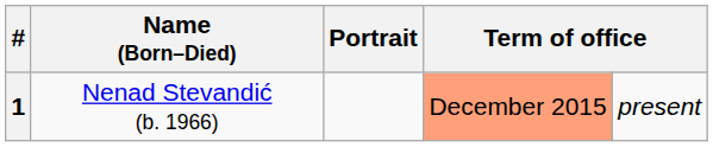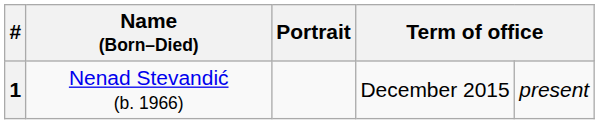 <table class="wikitable" style="text-align:center">
 <tr ->
 <th>#</th>
 <th width="180">Name<br><small>(Born–Died)</small></th>
 <th>Portrait</th>
 <th colspan="2">Term  of office</th>
 </tr>
 <tr ->
 <th align=center style="background: ">1</th>
 <td><a href='#'>Nenad Stevandić</a><br><small>(b. 1966)</small></td>
 <td></td>
-<td style="background: lightsalmon;">December 2015</td>
+<td>December 2015</td>
 <td><em>present</em></td>
 </tr>
 </table>
